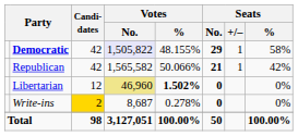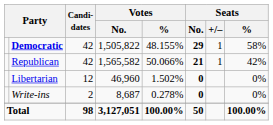 <table class="wikitable" style="font-size:100%; text-align:right;">
 <tr>
 <th colspan=2 rowspan=2>Party</th>
 <th rowspan=2><small>Candi-<br>dates</small></th>
 <th colspan=2>Votes</th>
 <th colspan=3>Seats</th>
 </tr>
 <tr>
 <th>No.</th>
 <th>%</th>
 <th>No.</th>
 <th>+/–</th>
 <th>%</th>
 </tr>
 <tr>
 <td style="background:"></td>
 <td align=left><a href='#'><strong>Democratic</strong></a></td>
 <td>42</td>
-<td style="background: lavender;">1,505,822</td>
+<td>1,505,822</td>
 <td>48.155%</td>
 <td><strong>29</strong></td>
 <td>1</td>
 <td>58%</td>
 </tr>
 <tr>
 <td style="background:"></td>
 <td align=left><a href='#'>Republican</a></td>
 <td>42</td>
 <td>1,565,582</td>
 <td>50.066%</td>
 <td><strong>21</strong></td>
 <td>1</td>
 <td>42%</td>
 </tr>
 <tr>
 <td style="background:"></td>
 <td align=left><a href='#'>Libertarian</a></td>
 <td>12</td>
-<td style="background: khaki;">46,960</td>
-<td><strong>1.502%</strong></td>
+<td>46,960</td>
+<td>1.502%</td>
 <td><strong>0</strong></td>
 <td></td>
 <td>0%</td>
 </tr>
 <tr>
 <td style="background:"></td>
 <td align=left><em>Write-ins</em></td>
-<td style="background: gold;">2</td>
+<td>2</td>
 <td>8,687</td>
 <td>0.278%</td>
 <td><strong>0</strong></td>
 <td></td>
 <td>0%</td>
 </tr>
 <tr>
 </tr>
 <tr style="font-weight:bold">
 <td colspan=2 align=left>Total</td>
 <td>98</td>
 <td>3,127,051</td>
 <td>100.00%</td>
 <td>50</td>
 <td></td>
 <td>100.00%</td>
 </tr>
 </table>
